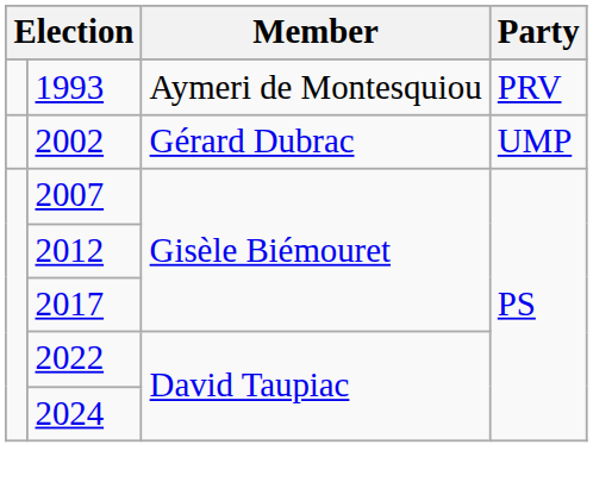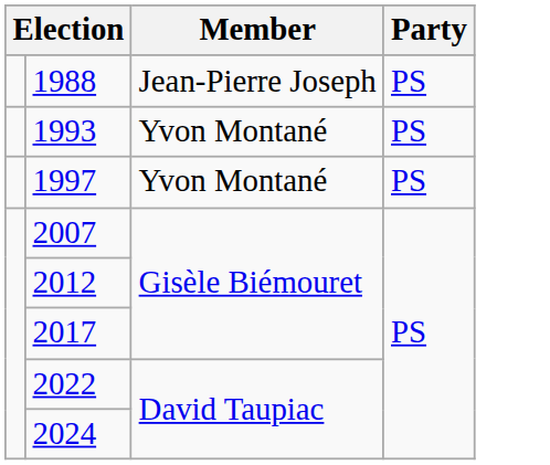 <table class="wikitable">
 <tr>
 <th colspan="2">Election</th>
 <th>Member</th>
 <th>Party</th>
 </tr>
 <tr>
 <td style="color:inherit;background-color: "></td>
-<td><a href='#'>1993</a></td>
-<td>Aymeri de Montesquiou</td>
-<td><a href='#'>PRV</a></td>
+<td><a href='#'>1988</a></td>
+<td>Jean-Pierre Joseph</td>
+<td><a href='#'>PS</a></td>
 </tr>
 <tr>
 <td style="color:inherit;background-color: "></td>
-<td><a href='#'>2002</a></td>
-<td><a href='#'>Gérard Dubrac</a></td>
-<td><a href='#'>UMP</a></td>
+<td><a href='#'>1993</a></td>
+<td>Yvon Montané</td>
+<td><a href='#'>PS</a></td>
+</tr>
+<tr>
+<td style="color:inherit;background-color: "></td>
+<td><a href='#'>1997</a></td>
+<td>Yvon Montané</td>
+<td><a href='#'>PS</a></td>
 </tr>
 <tr>
 <td rowspan="5" style="color:inherit;background-color: "></td>
 <td><a href='#'>2007</a></td>
 <td rowspan=3><a href='#'>Gisèle Biémouret</a></td>
 <td rowspan="5"><a href='#'>PS</a></td>
 </tr>
 <tr>
 <td><a href='#'>2012</a></td>
 </tr>
 <tr>
 <td><a href='#'>2017</a></td>
 </tr>
 <tr>
 <td><a href='#'>2022</a></td>
 <td rowspan="2"><a href='#'>David Taupiac</a></td>
 </tr>
 <tr>
 <td><a href='#'>2024</a></td>
 </tr>
 </table>
